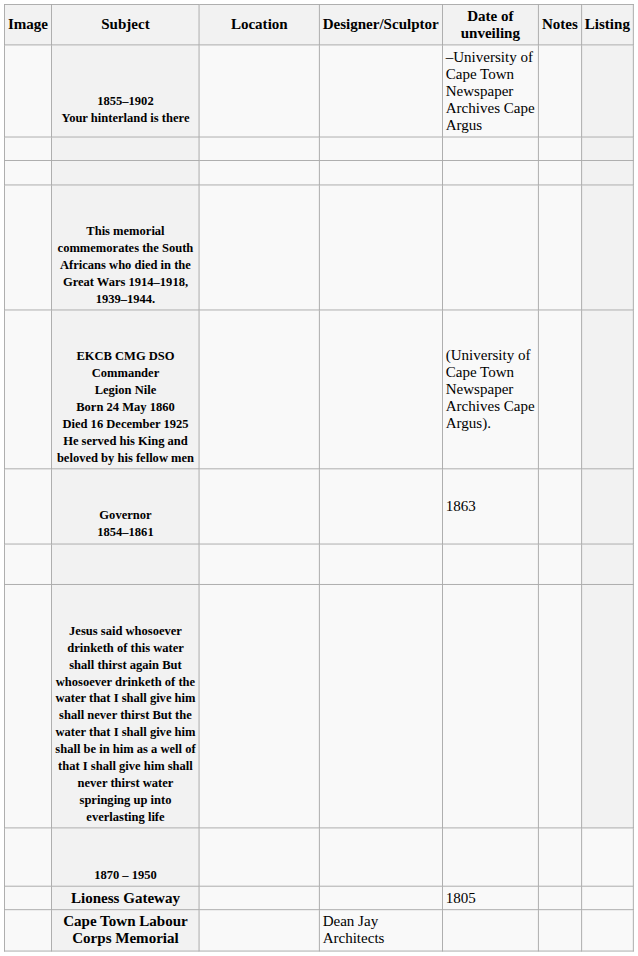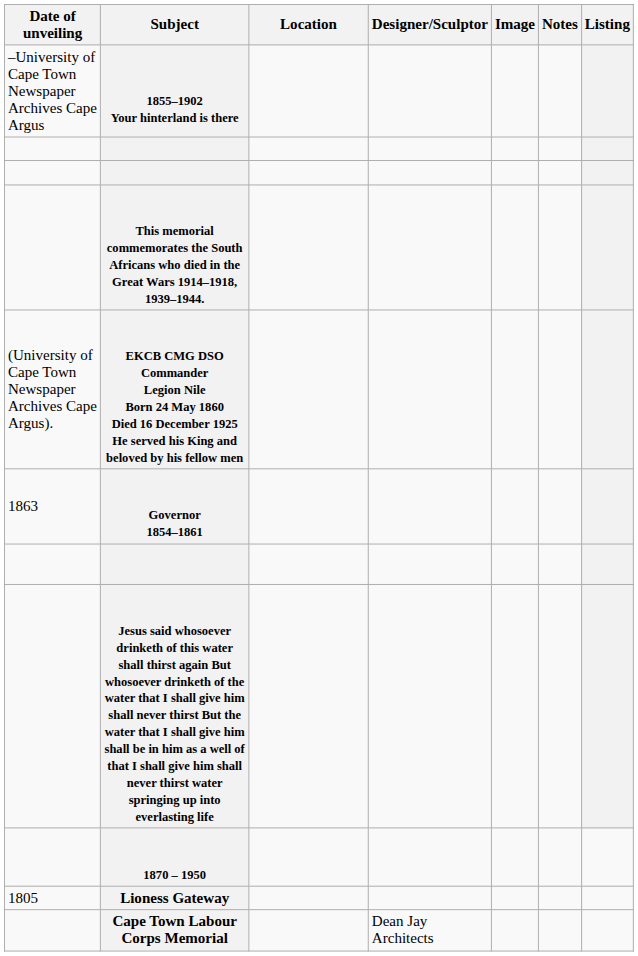 <table class="wikitable sortable">
 <tr>
-<th class="unsortable">Image</th>
+<th width=95px>Date of unveiling</th>
 <th width=150px>Subject</th>
 <th width=120px>Location</th>
 <th width=100px>Designer/Sculptor</th>
-<th width=95px>Date of unveiling</th>
+<th class="unsortable">Image</th>
 <th class="unsortable">Notes</th>
 <th>Listing</th>
 </tr>
 <tr>
-<td></td>
+<td> –University of Cape Town Newspaper Archives Cape Argus</td>
 <th><br><br><small>1855–1902<br> Your hinterland is there</small></th>
 <td><br><small></small></td>
 <td></td>
-<td> –University of Cape Town Newspaper Archives Cape Argus</td>
+<td></td>
 <td></td>
 <th></th>
 </tr>
 <tr>
 <td></td>
 <th><br></th>
 <td><br><small></small></td>
 <td></td>
 <td></td>
 <td></td>
 <th></th>
 </tr>
 <tr>
 <td></td>
 <th><br></th>
 <td><br><small></small></td>
 <td></td>
 <td></td>
 <td></td>
 <th></th>
 </tr>
 <tr>
 <td></td>
 <th><br><br><small>This memorial commemorates the South Africans who died in the Great Wars 1914–1918, 1939–1944.</small></th>
 <td><small></small></td>
 <td></td>
 <td></td>
 <td></td>
 <th></th>
 </tr>
 <tr>
-<td></td>
+<td> (University of Cape Town Newspaper Archives Cape Argus).</td>
 <th><br><br><small>EKCB CMG DSO<br> Commander<br> Legion Nile<br> Born 24 May 1860<br> Died 16 December 1925<br>  He served his King and beloved by his fellow men<br> </small></th>
 <td><br><small></small></td>
 <td></td>
-<td> (University of Cape Town Newspaper Archives Cape Argus).</td>
+<td></td>
 <td></td>
 <th></th>
 </tr>
 <tr>
-<td></td>
+<td>1863</td>
 <th><br><br><small>Governor<br> 1854–1861 <br> </small></th>
 <td><br><small></small></td>
 <td></td>
-<td>1863</td>
+<td></td>
 <td></td>
 <th></th>
 </tr>
 <tr>
 <td></td>
 <th><br><br><small></small></th>
 <td><small></small></td>
 <td></td>
 <td></td>
 <td></td>
 <th></th>
 </tr>
 <tr>
 <td></td>
 <th><br><br><small>Jesus said whosoever drinketh of this water shall thirst again But whosoever drinketh of the water that I shall give him shall never thirst But the water that I shall give him shall be in him as a well of that I shall give him shall never thirst water springing up into everlasting life<br></small></th>
 <td><small></small></td>
 <td></td>
 <td></td>
 <td></td>
 <th></th>
 </tr>
 <tr>
 <td></td>
 <th><br><br><small>1870 – 1950</small></th>
 <td><br><small></small></td>
 <td></td>
 <td></td>
 <td></td>
 <td></td>
 </tr>
 <tr>
-<td></td>
+<td>1805</td>
 <th>Lioness Gateway</th>
 <td><small></small></td>
 <td></td>
-<td>1805</td>
+<td></td>
 <td></td>
 <td></td>
 </tr>
 <tr>
 <td></td>
 <th>Cape Town Labour Corps Memorial</th>
 <td></td>
 <td>Dean Jay Architects</td>
 <td></td>
 <td></td>
 <td></td>
 </tr>
 </table>
